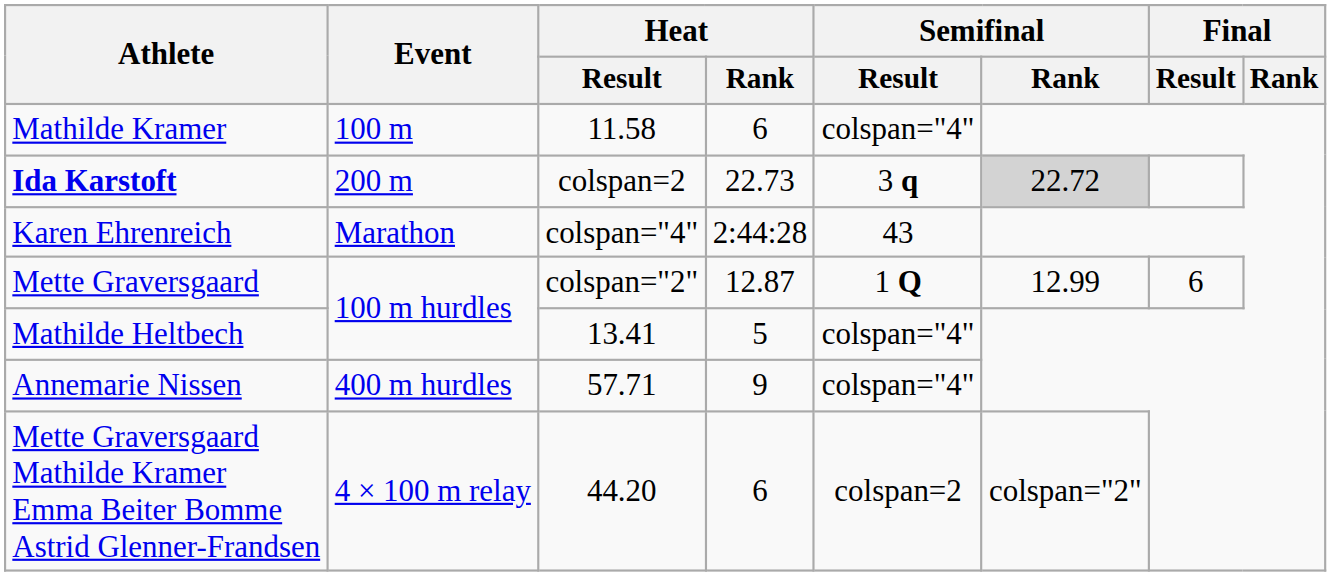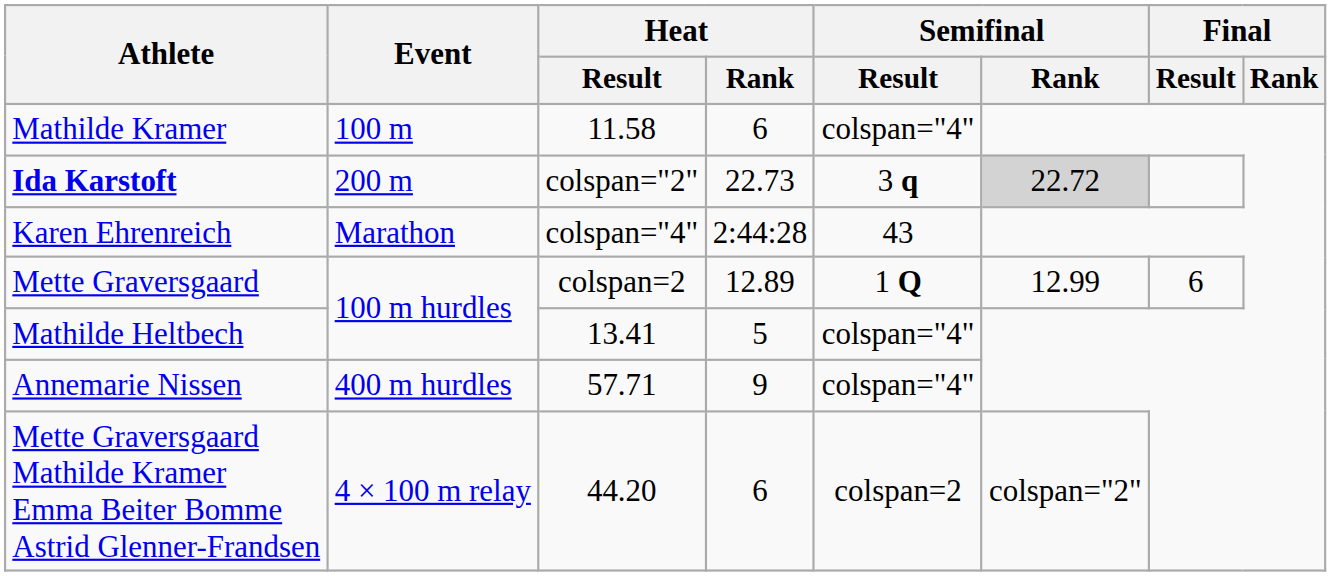 <table class="wikitable" style="font-size:90%">
 <tr>
 <th rowspan="2">Athlete</th>
 <th rowspan="2">Event</th>
 <th colspan="2">Heat</th>
 <th colspan="2">Semifinal</th>
 <th colspan="2">Final</th>
 </tr>
 <tr style="font-size:95%">
 <th>Result</th>
 <th>Rank</th>
 <th>Result</th>
 <th>Rank</th>
 <th>Result</th>
 <th>Rank</th>
 </tr>
 <tr align=center>
 <td align=left><a href='#'>Mathilde Kramer</a></td>
 <td align=left><a href='#'>100 m</a></td>
 <td>11.58</td>
 <td>6</td>
 <td>colspan="4" </td>
 </tr>
 <tr align=center>
 <td align=left><strong><a href='#'>Ida Karstoft</a></strong></td>
 <td align=left><a href='#'>200 m</a></td>
-<td>colspan=2 </td>
+<td>colspan="2" </td>
 <td>22.73</td>
 <td>3 <strong>q</strong></td>
 <td style="background: lightgrey;">22.72</td>
 <td></td>
 </tr>
 <tr align=center>
 <td align=left><a href='#'>Karen Ehrenreich</a></td>
 <td align=left><a href='#'>Marathon</a></td>
 <td>colspan="4" </td>
 <td>2:44:28</td>
 <td>43</td>
 </tr>
 <tr align=center>
 <td align=left><a href='#'>Mette Graversgaard</a></td>
 <td align=left rowspan=2><a href='#'>100 m hurdles</a></td>
-<td>colspan="2" </td>
-<td>12.87</td>
+<td>colspan=2 </td>
+<td>12.89</td>
 <td>1 <strong>Q</strong></td>
 <td>12.99</td>
 <td>6</td>
 </tr>
 <tr align=center>
 <td align=left><a href='#'>Mathilde Heltbech</a></td>
 <td>13.41</td>
 <td>5</td>
 <td>colspan="4" </td>
 </tr>
 <tr align=center>
 <td align=left><a href='#'>Annemarie Nissen</a></td>
 <td align=left><a href='#'>400 m hurdles</a></td>
 <td>57.71</td>
 <td>9</td>
 <td>colspan="4" </td>
 </tr>
 <tr align=center>
 <td align=left><a href='#'>Mette Graversgaard</a><br><a href='#'>Mathilde Kramer</a><br><a href='#'>Emma Beiter Bomme</a><br><a href='#'>Astrid Glenner-Frandsen</a></td>
 <td align=left><a href='#'>4 × 100 m relay</a></td>
 <td>44.20</td>
 <td>6</td>
 <td>colspan=2 </td>
 <td>colspan="2" </td>
 </tr>
 </table>
